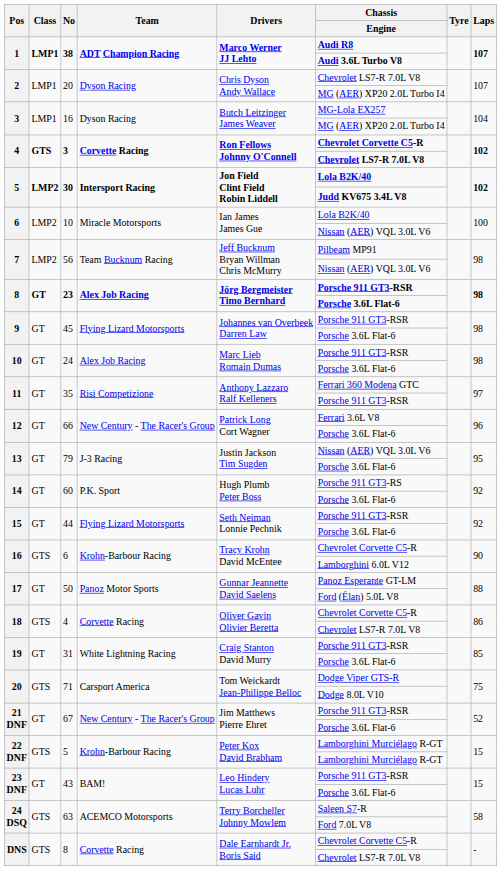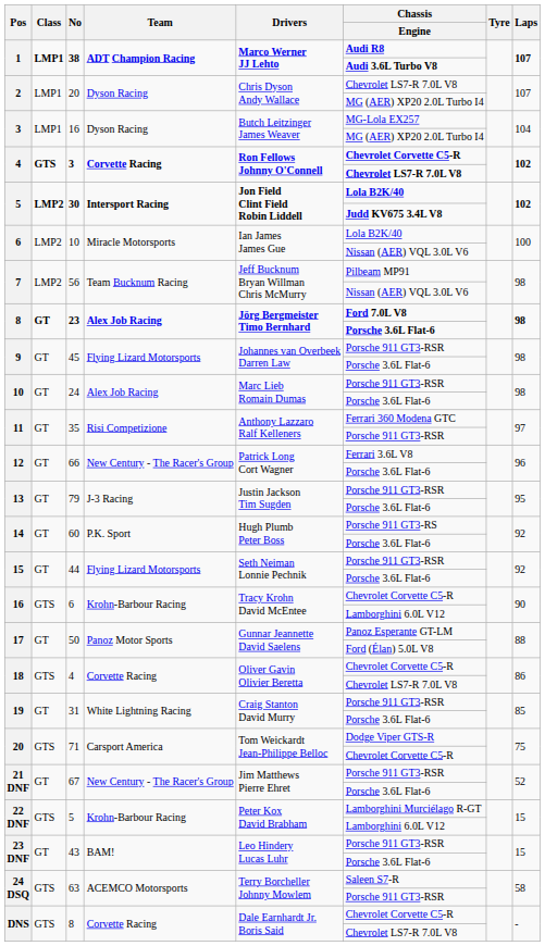 <table class="wikitable" style="font-size: 95%;">
 <tr>
 <th rowspan=2>Pos</th>
 <th rowspan=2>Class</th>
 <th rowspan=2>No</th>
 <th rowspan=2>Team</th>
 <th rowspan=2>Drivers</th>
 <th>Chassis</th>
 <th rowspan=2>Tyre</th>
 <th rowspan=2>Laps</th>
 </tr>
 <tr>
 <th>Engine</th>
 </tr>
 <tr style="font-weight:bold">
 <th rowspan=2>1</th>
 <td rowspan=2>LMP1</td>
 <td rowspan=2>38</td>
 <td rowspan=2> <a href='#'>ADT</a> <a href='#'>Champion Racing</a></td>
 <td rowspan=2> <a href='#'>Marco Werner</a><br> <a href='#'>JJ Lehto</a></td>
 <td><a href='#'>Audi R8</a></td>
 <td rowspan=2></td>
 <td rowspan=2>107</td>
 </tr>
 <tr style="font-weight:bold">
 <td><a href='#'>Audi</a> 3.6L Turbo V8</td>
 </tr>
 <tr>
 <th rowspan=2>2</th>
 <td rowspan=2>LMP1</td>
 <td rowspan=2>20</td>
 <td rowspan=2> <a href='#'>Dyson Racing</a></td>
 <td rowspan=2> <a href='#'>Chris Dyson</a><br> <a href='#'>Andy Wallace</a></td>
 <td><a href='#'>Chevrolet</a> LS7-R 7.0L V8</td>
 <td rowspan=2></td>
 <td rowspan=2>107</td>
 </tr>
 <tr>
 <td><a href='#'>MG</a> (<a href='#'>AER</a>) XP20 2.0L Turbo I4</td>
 </tr>
 <tr>
 <th rowspan=2>3</th>
 <td rowspan=2>LMP1</td>
 <td rowspan=2>16</td>
 <td rowspan=2> Dyson Racing</td>
 <td rowspan=2> <a href='#'>Butch Leitzinger</a><br> <a href='#'>James Weaver</a></td>
 <td><a href='#'>MG-Lola EX257</a></td>
 <td rowspan=2></td>
 <td rowspan=2>104</td>
 </tr>
 <tr>
 <td><a href='#'>MG</a> (<a href='#'>AER</a>) XP20 2.0L Turbo I4</td>
 </tr>
 <tr style="font-weight:bold">
 <th rowspan=2>4</th>
 <td rowspan=2>GTS</td>
 <td rowspan=2>3</td>
 <td rowspan=2> <a href='#'>Corvette</a> Racing</td>
 <td rowspan=2> <a href='#'>Ron Fellows</a><br> <a href='#'>Johnny O'Connell</a></td>
 <td><a href='#'>Chevrolet Corvette C5</a>-R</td>
 <td rowspan=2></td>
 <td rowspan=2>102</td>
 </tr>
 <tr style="font-weight:bold">
 <td><a href='#'>Chevrolet</a> LS7-R 7.0L V8</td>
 </tr>
 <tr style="font-weight:bold">
 <th rowspan=2>5</th>
 <td rowspan=2>LMP2</td>
 <td rowspan=2>30</td>
 <td rowspan=2> Intersport Racing</td>
 <td rowspan=2> Jon Field<br> Clint Field<br> Robin Liddell</td>
 <td><a href='#'>Lola B2K/40</a></td>
 <td rowspan=2></td>
 <td rowspan=2>102</td>
 </tr>
 <tr style="font-weight:bold">
 <td><a href='#'>Judd</a> KV675 3.4L V8</td>
 </tr>
 <tr>
 <th rowspan=2>6</th>
 <td rowspan=2>LMP2</td>
 <td rowspan=2>10</td>
 <td rowspan=2> Miracle Motorsports</td>
 <td rowspan=2> Ian James<br> James Gue</td>
 <td><a href='#'>Lola B2K/40</a></td>
 <td rowspan=2></td>
 <td rowspan=2>100</td>
 </tr>
 <tr>
 <td><a href='#'>Nissan</a> (<a href='#'>AER</a>) VQL 3.0L V6</td>
 </tr>
 <tr>
 <th rowspan=2>7</th>
 <td rowspan=2>LMP2</td>
 <td rowspan=2>56</td>
 <td rowspan=2> Team <a href='#'>Bucknum</a> Racing</td>
 <td rowspan=2> <a href='#'>Jeff Bucknum</a><br> Bryan Willman<br> Chris McMurry</td>
 <td><a href='#'>Pilbeam</a> MP91</td>
 <td rowspan=2></td>
 <td rowspan=2>98</td>
 </tr>
 <tr>
 <td><a href='#'>Nissan</a> (<a href='#'>AER</a>) VQL 3.0L V6</td>
 </tr>
 <tr style="font-weight:bold">
 <th rowspan=2>8</th>
 <td rowspan=2>GT</td>
 <td rowspan=2>23</td>
 <td rowspan=2> <a href='#'>Alex Job Racing</a></td>
 <td rowspan=2> <a href='#'>Jörg Bergmeister</a><br> <a href='#'>Timo Bernhard</a></td>
-<td><a href='#'>Porsche 911 GT3</a>-RSR</td>
+<td><a href='#'>Ford</a> 7.0L V8</td>
 <td rowspan=2></td>
 <td rowspan=2>98</td>
 </tr>
 <tr style="font-weight:bold">
 <td><a href='#'>Porsche</a> 3.6L Flat-6</td>
 </tr>
 <tr>
 <th rowspan=2>9</th>
 <td rowspan=2>GT</td>
 <td rowspan=2>45</td>
 <td rowspan=2> <a href='#'>Flying Lizard Motorsports</a></td>
 <td rowspan=2> <a href='#'>Johannes van Overbeek</a><br> <a href='#'>Darren Law</a></td>
 <td><a href='#'>Porsche 911 GT3</a>-RSR</td>
 <td rowspan=2></td>
 <td rowspan=2>98</td>
 </tr>
 <tr>
 <td><a href='#'>Porsche</a> 3.6L Flat-6</td>
 </tr>
 <tr>
 <th rowspan=2>10</th>
 <td rowspan=2>GT</td>
 <td rowspan=2>24</td>
 <td rowspan=2> <a href='#'>Alex Job Racing</a></td>
 <td rowspan=2> <a href='#'>Marc Lieb</a><br> <a href='#'>Romain Dumas</a></td>
 <td><a href='#'>Porsche 911 GT3</a>-RSR</td>
 <td rowspan=2></td>
 <td rowspan=2>98</td>
 </tr>
 <tr>
 <td><a href='#'>Porsche</a> 3.6L Flat-6</td>
 </tr>
 <tr>
 <th rowspan=2>11</th>
 <td rowspan=2>GT</td>
 <td rowspan=2>35</td>
 <td rowspan=2> <a href='#'>Risi Competizione</a></td>
 <td rowspan=2> <a href='#'>Anthony Lazzaro</a><br> <a href='#'>Ralf Kelleners</a></td>
 <td><a href='#'>Ferrari 360 Modena</a> GTC</td>
 <td rowspan=2></td>
 <td rowspan=2>97</td>
 </tr>
 <tr>
 <td><a href='#'>Porsche 911 GT3</a>-RSR</td>
 </tr>
 <tr>
 <th rowspan=2>12</th>
 <td rowspan=2>GT</td>
 <td rowspan=2>66</td>
 <td rowspan=2> <a href='#'>New Century</a> - <a href='#'>The Racer's Group</a></td>
 <td rowspan=2> <a href='#'>Patrick Long</a><br> Cort Wagner</td>
 <td><a href='#'>Ferrari</a> 3.6L V8</td>
 <td rowspan=2></td>
 <td rowspan=2>96</td>
 </tr>
 <tr>
 <td><a href='#'>Porsche</a> 3.6L Flat-6</td>
 </tr>
 <tr>
 <th rowspan=2>13</th>
 <td rowspan=2>GT</td>
 <td rowspan=2>79</td>
 <td rowspan=2> J-3 Racing</td>
 <td rowspan=2> Justin Jackson<br> <a href='#'>Tim Sugden</a></td>
-<td><a href='#'>Nissan</a> (<a href='#'>AER</a>) VQL 3.0L V6</td>
+<td><a href='#'>Porsche 911 GT3</a>-RSR</td>
 <td rowspan=2></td>
 <td rowspan=2>95</td>
 </tr>
 <tr>
 <td><a href='#'>Porsche</a> 3.6L Flat-6</td>
 </tr>
 <tr>
 <th rowspan=2>14</th>
 <td rowspan=2>GT</td>
 <td rowspan=2>60</td>
 <td rowspan=2> P.K. Sport</td>
 <td rowspan=2> Hugh Plumb<br> <a href='#'>Peter Boss</a></td>
 <td><a href='#'>Porsche 911 GT3</a>-RS</td>
 <td rowspan=2></td>
 <td rowspan=2>92</td>
 </tr>
 <tr>
 <td><a href='#'>Porsche</a> 3.6L Flat-6</td>
 </tr>
 <tr>
 <th rowspan=2>15</th>
 <td rowspan=2>GT</td>
 <td rowspan=2>44</td>
 <td rowspan=2> <a href='#'>Flying Lizard Motorsports</a></td>
 <td rowspan=2> <a href='#'>Seth Neiman</a><br> Lonnie Pechnik</td>
 <td><a href='#'>Porsche 911 GT3</a>-RSR</td>
 <td rowspan=2></td>
 <td rowspan=2>92</td>
 </tr>
 <tr>
 <td><a href='#'>Porsche</a> 3.6L Flat-6</td>
 </tr>
 <tr>
 <th rowspan=2>16</th>
 <td rowspan=2>GTS</td>
 <td rowspan=2>6</td>
 <td rowspan=2> <a href='#'>Krohn</a>-Barbour Racing</td>
 <td rowspan=2> <a href='#'>Tracy Krohn</a><br> David McEntee</td>
 <td><a href='#'>Chevrolet Corvette C5</a>-R</td>
 <td rowspan=2></td>
 <td rowspan=2>90</td>
 </tr>
 <tr>
 <td><a href='#'>Lamborghini</a> 6.0L V12</td>
 </tr>
 <tr>
 <th rowspan=2>17</th>
 <td rowspan=2>GT</td>
 <td rowspan=2>50</td>
 <td rowspan=2> <a href='#'>Panoz</a> Motor Sports</td>
 <td rowspan=2> <a href='#'>Gunnar Jeannette</a><br> <a href='#'>David Saelens</a></td>
 <td><a href='#'>Panoz Esperante</a> GT-LM</td>
 <td rowspan=2></td>
 <td rowspan=2>88</td>
 </tr>
 <tr>
 <td><a href='#'>Ford</a> (<a href='#'>Élan</a>) 5.0L V8</td>
 </tr>
 <tr>
 <th rowspan=2>18</th>
 <td rowspan=2>GTS</td>
 <td rowspan=2>4</td>
 <td rowspan=2> <a href='#'>Corvette</a> Racing</td>
 <td rowspan=2> <a href='#'>Oliver Gavin</a><br> <a href='#'>Olivier Beretta</a></td>
 <td><a href='#'>Chevrolet Corvette C5</a>-R</td>
 <td rowspan=2></td>
 <td rowspan=2>86</td>
 </tr>
 <tr>
 <td><a href='#'>Chevrolet</a> LS7-R 7.0L V8</td>
 </tr>
 <tr>
 <th rowspan=2>19</th>
 <td rowspan=2>GT</td>
 <td rowspan=2>31</td>
 <td rowspan=2> White Lightning Racing</td>
 <td rowspan=2> <a href='#'>Craig Stanton</a><br> David Murry</td>
 <td><a href='#'>Porsche 911 GT3</a>-RSR</td>
 <td rowspan=2></td>
 <td rowspan=2>85</td>
 </tr>
 <tr>
 <td><a href='#'>Porsche</a> 3.6L Flat-6</td>
 </tr>
 <tr>
 <th rowspan=2>20</th>
 <td rowspan=2>GTS</td>
 <td rowspan=2>71</td>
 <td rowspan=2> Carsport America</td>
 <td rowspan=2> Tom Weickardt<br> <a href='#'>Jean-Philippe Belloc</a></td>
 <td><a href='#'>Dodge Viper GTS-R</a></td>
 <td rowspan=2></td>
 <td rowspan=2>75</td>
 </tr>
 <tr>
-<td><a href='#'>Dodge</a> 8.0L V10</td>
+<td><a href='#'>Chevrolet Corvette C5</a>-R</td>
 </tr>
 <tr>
 <th rowspan=2>21<br>DNF</th>
 <td rowspan=2>GT</td>
 <td rowspan=2>67</td>
 <td rowspan=2> <a href='#'>New Century</a> - <a href='#'>The Racer's Group</a></td>
 <td rowspan=2> Jim Matthews<br> Pierre Ehret</td>
 <td><a href='#'>Porsche 911 GT3</a>-RSR</td>
 <td rowspan=2></td>
 <td rowspan=2>52</td>
 </tr>
 <tr>
 <td><a href='#'>Porsche</a> 3.6L Flat-6</td>
 </tr>
 <tr>
 <th rowspan=2>22<br>DNF</th>
 <td rowspan=2>GTS</td>
 <td rowspan=2>5</td>
 <td rowspan=2> <a href='#'>Krohn</a>-Barbour Racing</td>
 <td rowspan=2> <a href='#'>Peter Kox</a><br> <a href='#'>David Brabham</a></td>
 <td><a href='#'>Lamborghini Murciélago</a> R-GT</td>
 <td rowspan=2></td>
 <td rowspan=2>15</td>
 </tr>
 <tr>
-<td><a href='#'>Lamborghini Murciélago</a> R-GT</td>
+<td><a href='#'>Lamborghini</a> 6.0L V12</td>
 </tr>
 <tr>
 <th rowspan=2>23<br>DNF</th>
 <td rowspan=2>GT</td>
 <td rowspan=2>43</td>
 <td rowspan=2> BAM!</td>
 <td rowspan=2> <a href='#'>Leo Hindery</a><br> <a href='#'>Lucas Luhr</a></td>
 <td><a href='#'>Porsche 911 GT3</a>-RSR</td>
 <td rowspan=2></td>
 <td rowspan=2>15</td>
 </tr>
 <tr>
 <td><a href='#'>Porsche</a> 3.6L Flat-6</td>
 </tr>
 <tr>
 <th rowspan=2>24<br>DSQ</th>
 <td rowspan=2>GTS</td>
 <td rowspan=2>63</td>
 <td rowspan=2> ACEMCO Motorsports</td>
 <td rowspan=2> <a href='#'>Terry Borcheller</a><br> <a href='#'>Johnny Mowlem</a></td>
 <td><a href='#'>Saleen S7</a>-R</td>
 <td rowspan=2></td>
 <td rowspan=2>58</td>
 </tr>
 <tr>
-<td><a href='#'>Ford</a> 7.0L V8</td>
+<td><a href='#'>Porsche 911 GT3</a>-RSR</td>
 </tr>
 <tr>
 <th rowspan=2>DNS</th>
 <td rowspan=2>GTS</td>
 <td rowspan=2>8</td>
 <td rowspan=2> <a href='#'>Corvette</a> Racing</td>
 <td rowspan=2> <a href='#'>Dale Earnhardt Jr.</a><br> <a href='#'>Boris Said</a></td>
 <td><a href='#'>Chevrolet Corvette C5</a>-R</td>
 <td rowspan=2></td>
 <td rowspan=2>-</td>
 </tr>
 <tr>
 <td><a href='#'>Chevrolet</a> LS7-R 7.0L V8</td>
 </tr>
 </table>
